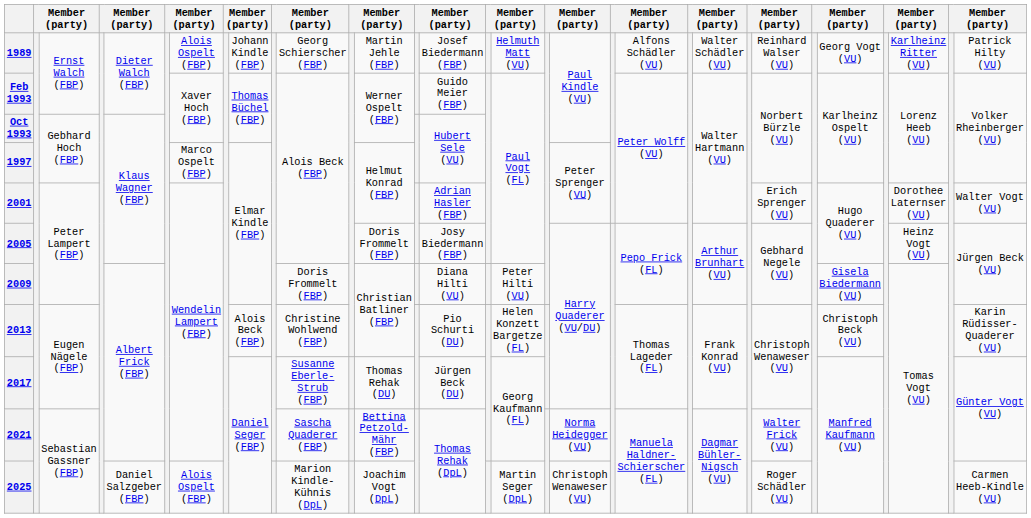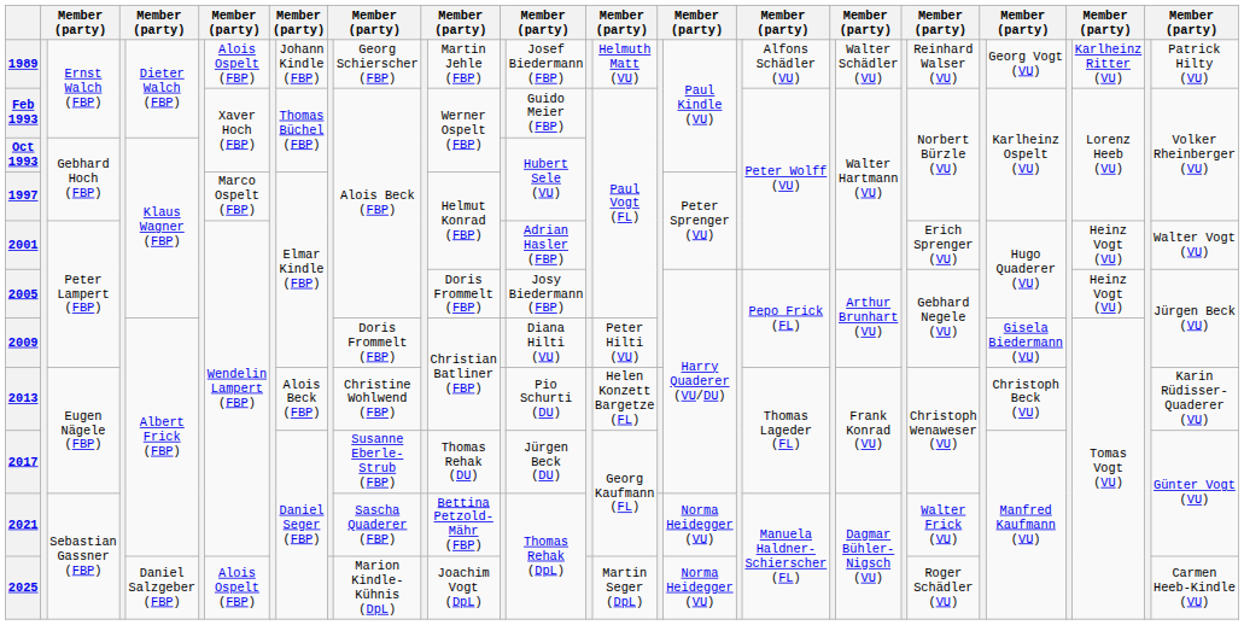 <table class="wikitable" style="text-align:center">
 <tr>
 <th></th>
 <th colspan=2>Member<br>(party)</th>
 <th colspan=2>Member<br>(party)</th>
 <th colspan=2>Member<br>(party)</th>
 <th colspan=2>Member<br>(party)</th>
 <th colspan=2>Member<br>(party)</th>
 <th colspan=2>Member<br>(party)</th>
 <th colspan=2>Member<br>(party)</th>
 <th colspan=2>Member<br>(party)</th>
 <th colspan=2>Member<br>(party)</th>
 <th colspan=2>Member<br>(party)</th>
 <th colspan=2>Member<br>(party)</th>
 <th colspan=2>Member<br>(party)</th>
 <th colspan=2>Member<br>(party)</th>
 <th colspan=2>Member<br>(party)</th>
 <th colspan=2>Member<br>(party)</th>
 </tr>
 <tr>
 <th><a href='#'>1989</a></th>
 <th rowspan=11 style="background-color: "></th>
 <td rowspan=2><a href='#'>Ernst Walch</a><br>(<a href='#'>FBP</a>)</td>
 <th rowspan=11 style="background-color: "></th>
 <td rowspan=2><a href='#'>Dieter Walch</a><br>(<a href='#'>FBP</a>)</td>
 <th rowspan=11 style="background-color: "></th>
 <td rowspan=1><a href='#'>Alois Ospelt</a><br>(<a href='#'>FBP</a>)</td>
 <th rowspan=11 style="background-color: "></th>
 <td rowspan=1>Johann Kindle<br>(<a href='#'>FBP</a>)</td>
 <th rowspan=10 style="background-color: "></th>
 <td rowspan=1>Georg Schierscher<br>(<a href='#'>FBP</a>)</td>
 <th rowspan=8 style="background-color: "></th>
 <td rowspan=1>Martin Jehle<br>(<a href='#'>FBP</a>)</td>
 <th rowspan=2 style="background-color: "></th>
 <td rowspan=1>Josef Biedermann<br>(<a href='#'>FBP</a>)</td>
 <th rowspan=1 style="background-color: "></th>
 <td rowspan=1><a href='#'>Helmuth Matt</a><br>(<a href='#'>VU</a>)</td>
 <th rowspan=7 style="background-color: "></th>
 <td rowspan=3><a href='#'>Paul Kindle</a><br>(<a href='#'>VU</a>)</td>
 <th rowspan=5 style="background-color: "></th>
 <td rowspan=1>Alfons Schädler<br>(<a href='#'>VU</a>)</td>
 <th rowspan=11 style="background-color: "></th>
 <td rowspan=1>Walter Schädler<br>(<a href='#'>VU</a>)</td>
 <th rowspan=11 style="background-color: "></th>
 <td rowspan=1>Reinhard Walser<br>(<a href='#'>VU</a>)</td>
 <th rowspan=11 style="background-color: "></th>
 <td rowspan=1>Georg Vogt<br>(<a href='#'>VU</a>)</td>
 <th rowspan=11 style="background-color: "></th>
 <td rowspan=1><a href='#'>Karlheinz Ritter</a><br>(<a href='#'>VU</a>)</td>
 <th rowspan=11 style="background-color: "></th>
 <td rowspan=1>Patrick Hilty<br>(<a href='#'>VU</a>)</td>
 </tr>
 <tr>
 <th><a href='#'>Feb 1993</a></th>
 <td rowspan=2>Xaver Hoch<br>(<a href='#'>FBP</a>)</td>
 <td rowspan=2><a href='#'>Thomas Büchel</a><br>(<a href='#'>FBP</a>)</td>
 <td rowspan=5>Alois Beck<br>(<a href='#'>FBP</a>)</td>
 <td rowspan=2>Werner Ospelt<br>(<a href='#'>FBP</a>)</td>
 <td rowspan=1>Guido Meier<br>(<a href='#'>FBP</a>)</td>
 <th rowspan=5 style="background-color: "></th>
 <td rowspan=5><a href='#'>Paul Vogt</a><br>(<a href='#'>FL</a>)</td>
 <td rowspan=4><a href='#'>Peter Wolff</a><br>(<a href='#'>VU</a>)</td>
 <td rowspan=4>Walter Hartmann<br>(<a href='#'>VU</a>)</td>
 <td rowspan=3>Norbert Bürzle<br>(<a href='#'>VU</a>)</td>
 <td rowspan=3>Karlheinz Ospelt<br>(<a href='#'>VU</a>)</td>
 <td rowspan=3>Lorenz Heeb<br>(<a href='#'>VU</a>)</td>
 <td rowspan=3>Volker Rheinberger<br>(<a href='#'>VU</a>)</td>
 </tr>
 <tr>
 <th><a href='#'>Oct 1993</a></th>
 <td rowspan=2>Gebhard Hoch<br>(<a href='#'>FBP</a>)</td>
 <td rowspan=4><a href='#'>Klaus Wagner</a><br>(<a href='#'>FBP</a>)</td>
 <th rowspan=2 style="background-color: "></th>
 <td rowspan=2><a href='#'>Hubert Sele</a><br>(<a href='#'>VU</a>)</td>
 </tr>
 <tr>
 <th><a href='#'>1997</a></th>
 <td rowspan=1>Marco Ospelt<br>(<a href='#'>FBP</a>)</td>
 <td rowspan=4>Elmar Kindle<br>(<a href='#'>FBP</a>)</td>
 <td rowspan=2>Helmut Konrad<br>(<a href='#'>FBP</a>)</td>
 <td rowspan=2>Peter Sprenger<br>(<a href='#'>VU</a>)</td>
 </tr>
 <tr>
 <th><a href='#'>2001</a></th>
 <td rowspan=3>Peter Lampert<br>(<a href='#'>FBP</a>)</td>
 <td rowspan=6><a href='#'>Wendelin Lampert</a><br>(<a href='#'>FBP</a>)</td>
 <th rowspan=2 style="background-color: "></th>
 <td rowspan=1><a href='#'>Adrian Hasler</a><br>(<a href='#'>FBP</a>)</td>
 <td rowspan=1>Erich Sprenger<br>(<a href='#'>VU</a>)</td>
 <td rowspan=2>Hugo Quaderer<br>(<a href='#'>VU</a>)</td>
-<td rowspan=1>Dorothee Laternser<br>(<a href='#'>VU</a>)</td>
+<td rowspan=1>Heinz Vogt<br>(<a href='#'>VU</a>)</td>
 <td rowspan=1>Walter Vogt<br>(<a href='#'>VU</a>)</td>
 </tr>
 <tr>
 <th><a href='#'>2005</a></th>
 <td rowspan=1>Doris Frommelt<br>(<a href='#'>FBP</a>)</td>
 <td rowspan=1>Josy Biedermann<br>(<a href='#'>FBP</a>)</td>
 <td rowspan=4><a href='#'>Harry Quaderer</a><br>(<a href='#'>VU</a>/<a href='#'>DU</a>)</td>
 <th rowspan=6 style="background-color: "></th>
 <td rowspan=2><a href='#'>Pepo Frick</a><br>(<a href='#'>FL</a>)</td>
 <td rowspan=2><a href='#'>Arthur Brunhart</a><br>(<a href='#'>VU</a>)</td>
 <td rowspan=2>Gebhard Negele<br>(<a href='#'>VU</a>)</td>
 <td rowspan=1>Heinz Vogt<br>(<a href='#'>VU</a>)</td>
 <td rowspan=2>Jürgen Beck<br>(<a href='#'>VU</a>)</td>
 </tr>
 <tr>
 <th><a href='#'>2009</a></th>
 <td rowspan=4><a href='#'>Albert Frick</a><br>(<a href='#'>FBP</a>)</td>
 <td rowspan=1>Doris Frommelt<br>(<a href='#'>FBP</a>)</td>
 <td rowspan=2>Christian Batliner<br>(<a href='#'>FBP</a>)</td>
 <th rowspan=1 style="background-color: "></th>
 <td rowspan=1>Diana Hilti<br>(<a href='#'>VU</a>)</td>
 <th rowspan=1 style="background-color: "></th>
 <td rowspan=1>Peter Hilti<br>(<a href='#'>VU</a>)</td>
 <td rowspan=1><a href='#'>Gisela Biedermann</a><br>(<a href='#'>VU</a>)</td>
 <td rowspan=5>Tomas Vogt<br>(<a href='#'>VU</a>)</td>
 </tr>
 <tr>
 <th><a href='#'>2013</a></th>
 <td rowspan=2>Eugen Nägele<br>(<a href='#'>FBP</a>)</td>
 <td rowspan=1>Alois Beck<br>(<a href='#'>FBP</a>)</td>
 <td rowspan=1>Christine Wohlwend<br>(<a href='#'>FBP</a>)</td>
 <th rowspan=2 style="background-color: "></th>
 <td rowspan=1>Pio Schurti<br>(<a href='#'>DU</a>)</td>
 <th rowspan=3 style="background-color: "></th>
 <td rowspan=1>Helen Konzett Bargetze<br>(<a href='#'>FL</a>)</td>
 <th rowspan=2 style="background-color: "></th>
 <td rowspan=2>Thomas Lageder<br>(<a href='#'>FL</a>)</td>
 <td rowspan=2>Frank Konrad<br>(<a href='#'>VU</a>)</td>
 <td rowspan=2>Christoph Wenaweser<br>(<a href='#'>VU</a>)</td>
 <td rowspan=1>Christoph Beck<br>(<a href='#'>VU</a>)</td>
 <td rowspan=1>Karin Rüdisser-Quaderer<br>(<a href='#'>VU</a>)</td>
 </tr>
 <tr>
 <th><a href='#'>2017</a></th>
 <td rowspan=3><a href='#'>Daniel Seger</a><br>(<a href='#'>FBP</a>)</td>
 <td rowspan=1><a href='#'>Susanne Eberle-Strub</a><br>(<a href='#'>FBP</a>)</td>
 <th rowspan=1 style="background-color: "></th>
 <td rowspan=1>Thomas Rehak<br>(<a href='#'>DU</a>)</td>
 <td rowspan=1>Jürgen Beck<br>(<a href='#'>DU</a>)</td>
 <td rowspan=2>Georg Kaufmann<br>(<a href='#'>FL</a>)</td>
 <td rowspan=3><a href='#'>Manfred Kaufmann</a><br>(<a href='#'>VU</a>)</td>
 <td rowspan=2><a href='#'>Günter Vogt</a><br>(<a href='#'>VU</a>)</td>
 </tr>
 <tr>
 <th><a href='#'>2021</a></th>
 <td rowspan=2>Sebastian Gassner<br>(<a href='#'>FBP</a>)</td>
 <td rowspan=1><a href='#'>Sascha Quaderer</a><br>(<a href='#'>FBP</a>)</td>
 <th rowspan=1 style="background-color: "></th>
 <td rowspan=1><a href='#'>Bettina Petzold-Mähr</a><br>(<a href='#'>FBP</a>)</td>
 <th rowspan=2 style="background-color: "></th>
 <td rowspan=2><a href='#'>Thomas Rehak</a><br>(<a href='#'>DpL</a>)</td>
 <th rowspan=2 style="background-color: "></th>
 <td rowspan=1><a href='#'>Norma Heidegger</a><br>(<a href='#'>VU</a>)</td>
 <td rowspan=2><a href='#'>Manuela Haldner-Schierscher</a><br>(<a href='#'>FL</a>)</td>
 <td rowspan=2><a href='#'>Dagmar Bühler-Nigsch</a><br>(<a href='#'>VU</a>)</td>
 <td rowspan=1><a href='#'>Walter Frick</a><br>(<a href='#'>VU</a>)</td>
 </tr>
 <tr>
 <th><a href='#'>2025</a></th>
 <td rowspan=1>Daniel Salzgeber<br>(<a href='#'>FBP</a>)</td>
 <td rowspan=1><a href='#'>Alois Ospelt</a><br>(<a href='#'>FBP</a>)</td>
 <th rowspan=1 style="background-color: "></th>
 <td rowspan=1>Marion Kindle-Kühnis<br>(<a href='#'>DpL</a>)</td>
 <th rowspan=1 style="background-color: "></th>
 <td rowspan=1>Joachim Vogt<br>(<a href='#'>DpL</a>)</td>
 <th rowspan=1 style="background-color: "></th>
 <td rowspan=1>Martin Seger<br>(<a href='#'>DpL</a>)</td>
-<td rowspan=1>Christoph Wenaweser<br>(<a href='#'>VU</a>)</td>
+<td rowspan=1><a href='#'>Norma Heidegger</a><br>(<a href='#'>VU</a>)</td>
 <td rowspan=1>Roger Schädler<br>(<a href='#'>VU</a>)</td>
 <td rowspan=1>Carmen Heeb-Kindle<br>(<a href='#'>VU</a>)</td>
 </tr>
 </table>
